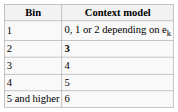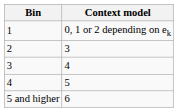 <table class="wikitable floatright">
 <tr>
 <th>Bin</th>
 <th>Context model</th>
 </tr>
 <tr>
 <td>1</td>
 <td>0, 1 or 2 depending on e<sub>k</sub></td>
 </tr>
 <tr>
 <td>2</td>
-<td><strong>3</strong></td>
+<td>3</td>
 </tr>
 <tr>
 <td>3</td>
 <td>4</td>
 </tr>
 <tr>
 <td>4</td>
 <td>5</td>
 </tr>
 <tr>
 <td>5 and higher</td>
 <td>6</td>
 </tr>
 </table>
